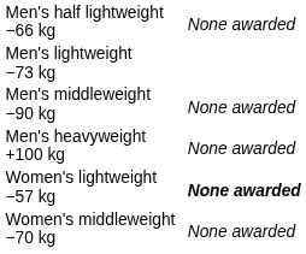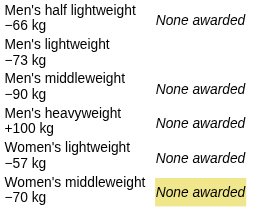 <table>
 <tr>
 <td rowspan=2>Men's half lightweight<br>−66 kg</td>
 <td rowspan=2></td>
 <td rowspan=2></td>
 <td></td>
 </tr>
 <tr>
 <td><em>None awarded</em></td>
 </tr>
 <tr>
 <td rowspan=2>Men's lightweight<br>−73 kg</td>
 <td rowspan=2></td>
 <td rowspan=2></td>
 <td></td>
 </tr>
 <tr>
 <td></td>
 </tr>
 <tr>
 <td rowspan=2>Men's middleweight<br>−90 kg</td>
 <td rowspan=2></td>
 <td rowspan=2></td>
 <td></td>
 </tr>
 <tr>
 <td><em>None awarded</em></td>
 </tr>
 <tr>
 <td rowspan=2>Men's heavyweight<br>+100 kg</td>
 <td rowspan=2></td>
 <td rowspan=2></td>
 <td></td>
 </tr>
 <tr>
 <td><em>None awarded</em></td>
 </tr>
 <tr>
 <td rowspan=2>Women's lightweight<br>−57 kg</td>
 <td rowspan=2></td>
 <td rowspan=2></td>
 <td></td>
 </tr>
 <tr>
-<td><strong><em>None awarded</em></strong></td>
+<td><em>None awarded</em></td>
 </tr>
 <tr>
 <td rowspan=2>Women's middleweight<br>−70 kg</td>
 <td rowspan=2></td>
 <td rowspan=2></td>
 <td></td>
 </tr>
 <tr>
-<td><em>None awarded</em></td>
+<td style="background: khaki;"><em>None awarded</em></td>
 </tr>
 </table>
